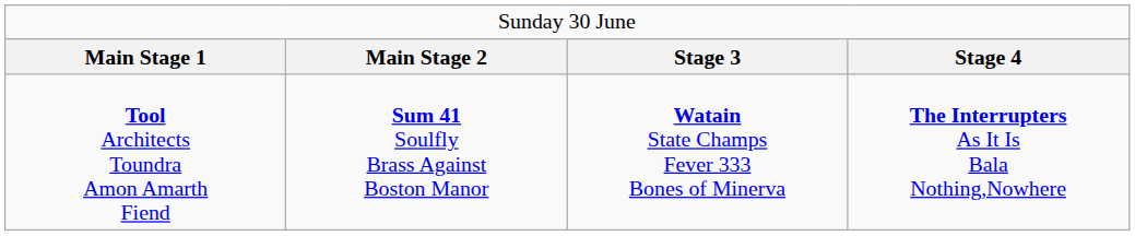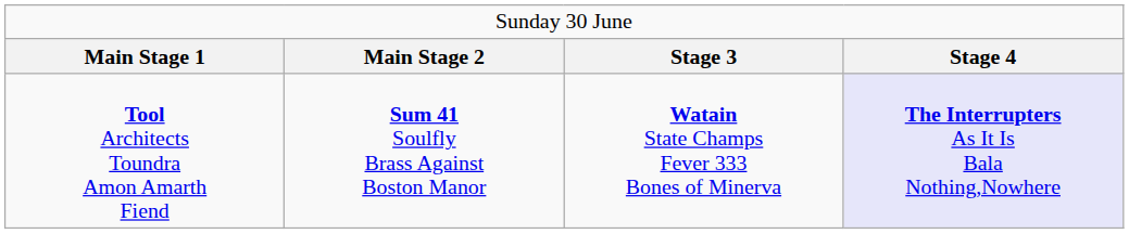 <table class="wikitable">
 <tr>
 <td colspan="4" style="text-align:center;">Sunday 30 June</td>
 </tr>
 <tr>
 <th>Main Stage 1</th>
 <th>Main Stage 2</th>
 <th>Stage 3</th>
 <th>Stage 4</th>
 </tr>
 <tr>
 <td style="text-align:center; vertical-align:top; width:200px;"><br><strong><a href='#'>Tool</a></strong><br> <a href='#'>Architects</a><br> <a href='#'>Toundra</a><br> <a href='#'>Amon Amarth</a><br> <a href='#'>Fiend</a><br></td>
 <td style="text-align:center; vertical-align:top; width:200px;"><br><strong><a href='#'>Sum 41</a></strong><br> <a href='#'>Soulfly</a><br> <a href='#'>Brass Against</a><br> <a href='#'>Boston Manor</a><br></td>
 <td style="text-align:center; vertical-align:top; width:200px;"><br><strong><a href='#'>Watain</a></strong><br> <a href='#'>State Champs</a><br> <a href='#'>Fever 333</a><br> <a href='#'>Bones of Minerva</a><br></td>
-<td style="text-align:center; vertical-align:top; width:200px;"><br><strong><a href='#'>The Interrupters</a></strong><br> <a href='#'>As It Is</a><br> <a href='#'>Bala</a><br> <a href='#'>Nothing,Nowhere</a><br></td>
+<td style="background: lavender; text-align:center; vertical-align:top; width:200px;"><br><strong><a href='#'>The Interrupters</a></strong><br> <a href='#'>As It Is</a><br> <a href='#'>Bala</a><br> <a href='#'>Nothing,Nowhere</a><br></td>
 </tr>
 </table>
